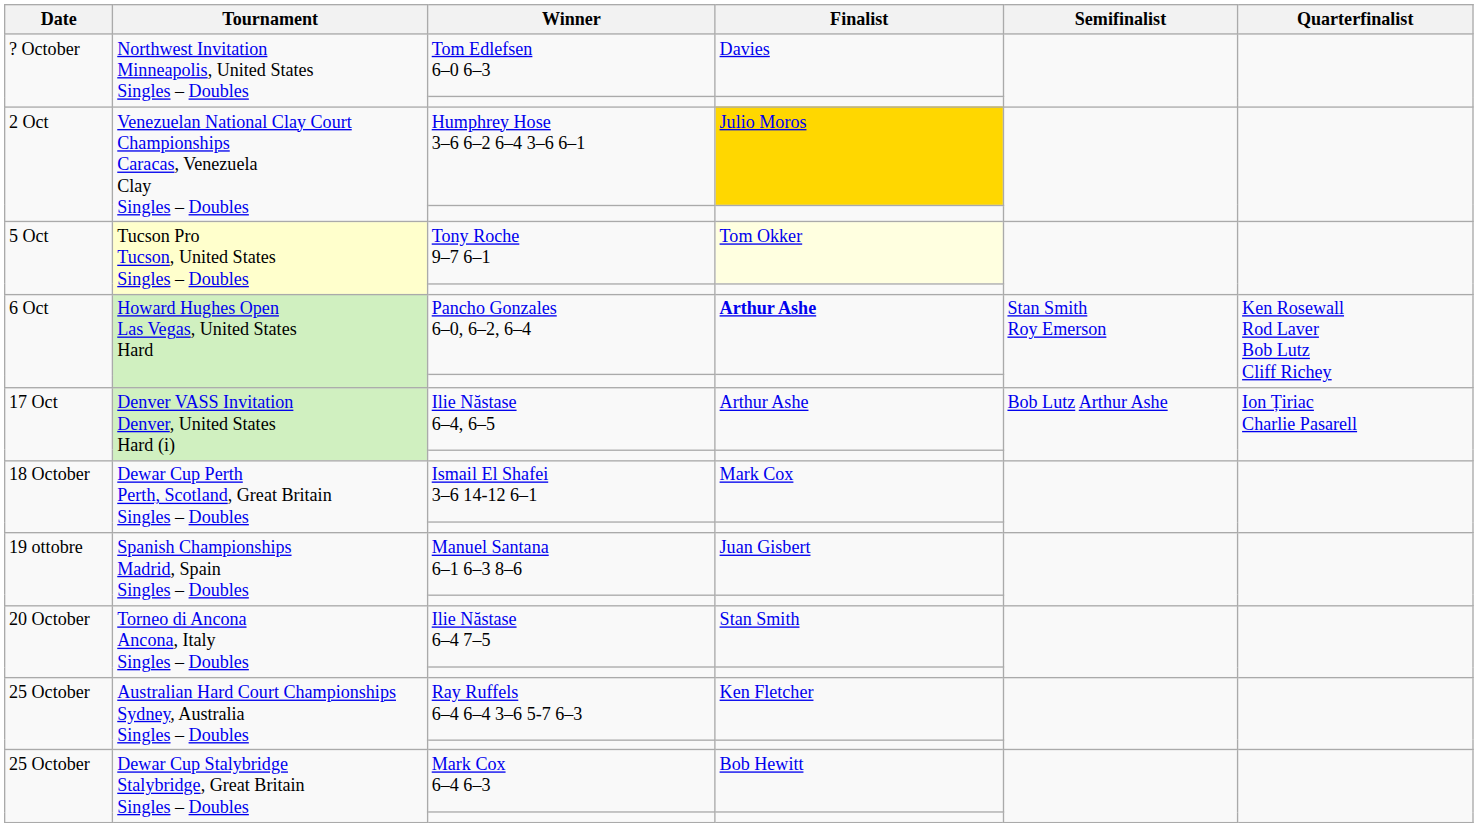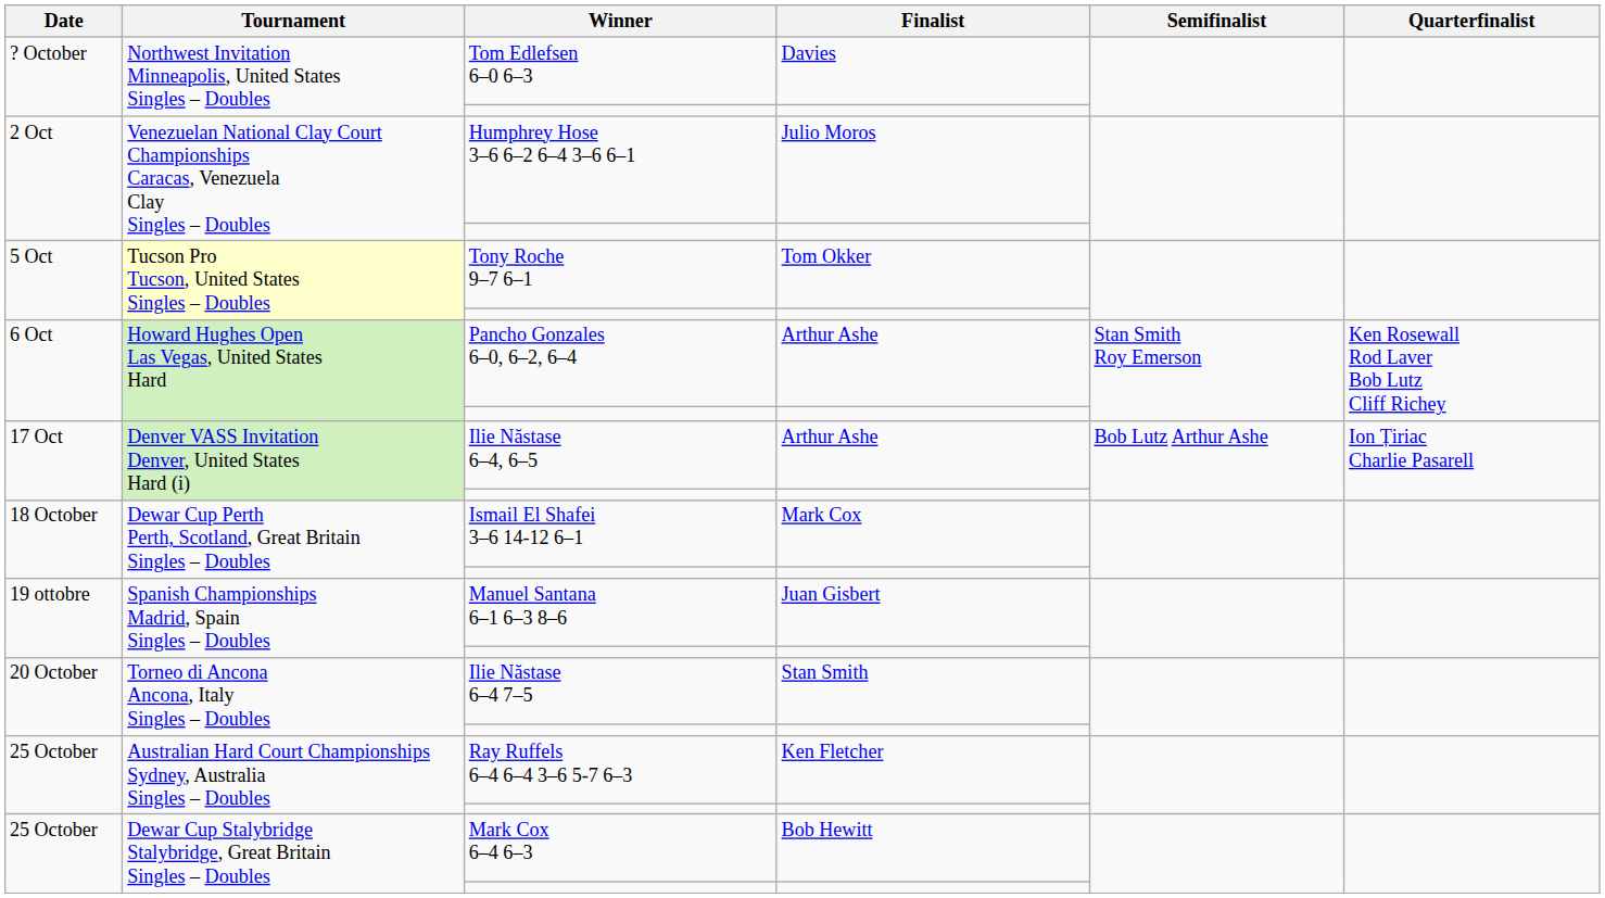 <table class="wikitable" style="font-size:85%;">
 <tr>
 <th width="75">Date</th>
 <th width="230">Tournament</th>
 <th width="210">Winner</th>
 <th width="210">Finalist</th>
 <th width="170">Semifinalist</th>
 <th width="170">Quarterfinalist</th>
 </tr>
 <tr valign=top>
 <td rowspan=2>? October</td>
 <td rowspan=2><a href='#'>Northwest Invitation</a><br><a href='#'>Minneapolis</a>, United States<br><a href='#'>Singles</a> – <a href='#'>Doubles</a></td>
 <td> <a href='#'>Tom Edlefsen</a><br>6–0 6–3</td>
 <td> <a href='#'>Davies</a></td>
 <td rowspan=2></td>
 <td rowspan=2></td>
 </tr>
 <tr valign=top>
 <td></td>
 <td></td>
 </tr>
 <tr valign=top>
 <td rowspan=2>2 Oct</td>
 <td rowspan=2><a href='#'>Venezuelan National Clay Court Championships</a><br><a href='#'>Caracas</a>, Venezuela<br>Clay<br><a href='#'>Singles</a> – <a href='#'>Doubles</a></td>
 <td> <a href='#'>Humphrey Hose</a><br>3–6 6–2 6–4 3–6 6–1</td>
-<td style="background: gold;"> <a href='#'>Julio Moros</a></td>
+<td> <a href='#'>Julio Moros</a></td>
 <td rowspan=2></td>
 <td rowspan=2></td>
 </tr>
 <tr valign=top>
 <td></td>
 <td></td>
 </tr>
 <tr valign=top>
 <td rowspan=2>5 Oct</td>
 <td style="background:#ffc;" rowspan=2>Tucson Pro<br><a href='#'>Tucson</a>, United States<br><a href='#'>Singles</a> – <a href='#'>Doubles</a></td>
 <td> <a href='#'>Tony Roche</a><br>9–7 6–1</td>
-<td style="background: lightyellow;"> <a href='#'>Tom Okker</a></td>
+<td> <a href='#'>Tom Okker</a></td>
 <td rowspan=2></td>
 <td rowspan=2></td>
 </tr>
 <tr valign=top>
 <td></td>
 <td></td>
 </tr>
 <tr valign=top>
 <td rowspan=2>6 Oct</td>
 <td style="background:#d0f0c0;" rowspan=2><a href='#'>Howard Hughes Open</a><br> <a href='#'>Las Vegas</a>, United States<br>Hard</td>
 <td> <a href='#'>Pancho Gonzales</a> <br>6–0, 6–2, 6–4</td>
-<td><strong> <a href='#'>Arthur Ashe</a></strong></td>
+<td> <a href='#'>Arthur Ashe</a></td>
 <td rowspan=2> <a href='#'>Stan Smith</a> <br>  <a href='#'>Roy Emerson</a></td>
 <td rowspan=2> <a href='#'>Ken Rosewall</a> <br>  <a href='#'>Rod Laver</a> <br>  <a href='#'>Bob Lutz</a> <br>  <a href='#'>Cliff Richey</a></td>
 </tr>
 <tr valign=top>
 <td></td>
 <td></td>
 </tr>
 <tr valign=top>
 <td rowspan=2>17 Oct</td>
 <td style="background:#d0f0c0;" rowspan=2><a href='#'>Denver VASS Invitation</a><br> <a href='#'>Denver</a>, United States<br>Hard (i)</td>
 <td> <a href='#'>Ilie Năstase</a><br>6–4, 6–5</td>
 <td> <a href='#'>Arthur Ashe</a></td>
 <td rowspan=2>  <a href='#'>Bob Lutz</a>   <a href='#'>Arthur Ashe</a></td>
 <td rowspan=2> <a href='#'>Ion Țiriac</a> <br>  <a href='#'>Charlie Pasarell</a></td>
 </tr>
 <tr valign=top>
 <td></td>
 <td></td>
 </tr>
 <tr valign=top>
 <td rowspan=2>18 October</td>
 <td rowspan=2><a href='#'>Dewar Cup Perth</a><br><a href='#'>Perth, Scotland</a>, Great Britain<br><a href='#'>Singles</a> – <a href='#'>Doubles</a></td>
 <td> <a href='#'>Ismail El Shafei</a><br>3–6 14-12 6–1</td>
 <td><a href='#'>Mark Cox</a></td>
 <td rowspan=2></td>
 <td rowspan=2></td>
 </tr>
 <tr valign=top>
 <td></td>
 <td></td>
 </tr>
 <tr valign=top>
 <td rowspan=2>19 ottobre</td>
 <td rowspan=2><a href='#'>Spanish Championships</a><br><a href='#'>Madrid</a>, Spain<br><a href='#'>Singles</a> – <a href='#'>Doubles</a></td>
 <td> <a href='#'>Manuel Santana</a><br>6–1 6–3 8–6</td>
 <td> <a href='#'>Juan Gisbert</a></td>
 <td rowspan=2></td>
 <td rowspan=2></td>
 </tr>
 <tr valign=top>
 <td></td>
 <td></td>
 </tr>
 <tr valign=top>
 <td rowspan=2>20 October</td>
 <td rowspan=2><a href='#'>Torneo di Ancona</a><br><a href='#'>Ancona</a>, Italy<br><a href='#'>Singles</a> – <a href='#'>Doubles</a></td>
 <td> <a href='#'>Ilie Năstase</a><br>6–4 7–5</td>
 <td> <a href='#'>Stan Smith</a></td>
 <td rowspan=2></td>
 <td rowspan=2></td>
 </tr>
 <tr valign=top>
 <td></td>
 <td></td>
 </tr>
 <tr valign=top>
 <td rowspan=2>25 October</td>
 <td rowspan=2><a href='#'>Australian Hard Court Championships</a><br><a href='#'>Sydney</a>, Australia<br><a href='#'>Singles</a> – <a href='#'>Doubles</a></td>
 <td> <a href='#'>Ray Ruffels</a><br>6–4 6–4 3–6 5-7 6–3</td>
 <td> <a href='#'>Ken Fletcher</a></td>
 <td rowspan=2></td>
 <td rowspan=2></td>
 </tr>
 <tr valign=top>
 <td></td>
 <td></td>
 </tr>
 <tr valign=top>
 <td rowspan=2>25 October</td>
 <td rowspan=2><a href='#'>Dewar Cup Stalybridge</a><br><a href='#'>Stalybridge</a>, Great Britain<br><a href='#'>Singles</a> – <a href='#'>Doubles</a></td>
 <td> <a href='#'>Mark Cox</a><br>6–4 6–3</td>
 <td> <a href='#'>Bob Hewitt</a></td>
 <td rowspan=2></td>
 <td rowspan=2></td>
 </tr>
 <tr valign=top>
 <td></td>
 <td></td>
 </tr>
 </table>
